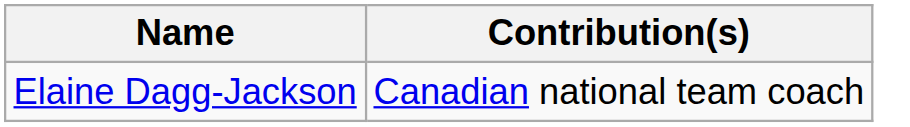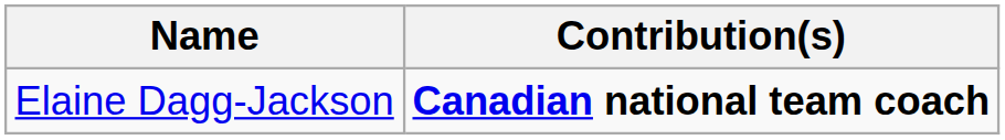 <table class="wikitable">
 <tr>
 <th><strong>Name</strong></th>
 <th><strong>Contribution(s)</strong></th>
 </tr>
 <tr>
 <td><a href='#'>Elaine Dagg-Jackson</a></td>
-<td><a href='#'>Canadian</a> national team coach</td>
+<td><strong><a href='#'>Canadian</a> national team coach</strong></td>
 </tr>
 </table>
